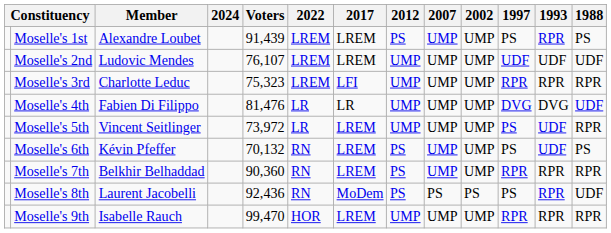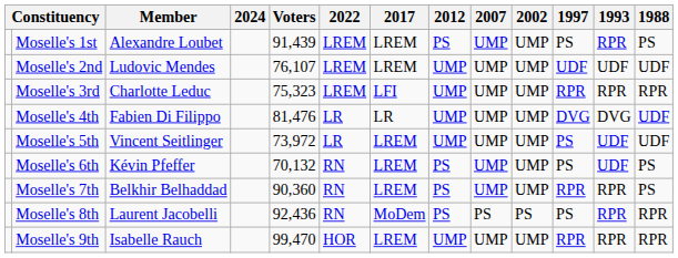 <table class="wikitable sortable">
 <tr>
 <th colspan="2">Constituency</th>
 <th>Member</th>
 <th>2024</th>
 <th>Voters</th>
 <th>2022</th>
 <th>2017</th>
 <th>2012</th>
 <th>2007</th>
 <th>2002</th>
 <th>1997</th>
 <th>1993</th>
 <th>1988</th>
 </tr>
 <tr>
 <td style="background-color: "></td>
 <td><a href='#'>Moselle's 1st</a></td>
 <td><a href='#'>Alexandre Loubet</a></td>
 <td></td>
 <td>91,439</td>
 <td><a href='#'>LREM</a></td>
 <td>LREM</td>
 <td><a href='#'>PS</a></td>
 <td><a href='#'>UMP</a></td>
 <td>UMP</td>
 <td>PS</td>
 <td><a href='#'>RPR</a></td>
 <td>PS</td>
 </tr>
 <tr>
 <td style="background-color: "></td>
 <td><a href='#'>Moselle's 2nd</a></td>
 <td><a href='#'>Ludovic Mendes</a></td>
 <td></td>
 <td>76,107</td>
 <td><a href='#'>LREM</a></td>
 <td>LREM</td>
 <td><a href='#'>UMP</a></td>
 <td>UMP</td>
 <td>UMP</td>
 <td><a href='#'>UDF</a></td>
 <td>UDF</td>
 <td>UDF</td>
 </tr>
 <tr>
 <td style="background-color: "></td>
 <td><a href='#'>Moselle's 3rd</a></td>
 <td><a href='#'>Charlotte Leduc</a></td>
 <td></td>
 <td>75,323</td>
 <td><a href='#'>LREM</a></td>
 <td><a href='#'>LFI</a></td>
 <td><a href='#'>UMP</a></td>
 <td>UMP</td>
 <td>UMP</td>
 <td><a href='#'>RPR</a></td>
 <td>RPR</td>
 <td>RPR</td>
 </tr>
 <tr>
 <td style="background-color: "></td>
 <td><a href='#'>Moselle's 4th</a></td>
 <td><a href='#'>Fabien Di Filippo</a></td>
 <td></td>
 <td>81,476</td>
 <td><a href='#'>LR</a></td>
 <td>LR</td>
 <td><a href='#'>UMP</a></td>
 <td>UMP</td>
 <td>UMP</td>
 <td><a href='#'>DVG</a></td>
 <td>DVG</td>
 <td><a href='#'>UDF</a></td>
 </tr>
 <tr>
 <td style="background-color: "></td>
 <td><a href='#'>Moselle's 5th</a></td>
 <td><a href='#'>Vincent Seitlinger</a></td>
 <td></td>
 <td>73,972</td>
 <td><a href='#'>LR</a></td>
 <td><a href='#'>LREM</a></td>
 <td><a href='#'>UMP</a></td>
 <td>UMP</td>
 <td>UMP</td>
 <td><a href='#'>PS</a></td>
 <td><a href='#'>UDF</a></td>
-<td>RPR</td>
+<td>UDF</td>
 </tr>
 <tr>
 <td style="background-color: "></td>
 <td><a href='#'>Moselle's 6th</a></td>
 <td><a href='#'>Kévin Pfeffer</a></td>
 <td></td>
 <td>70,132</td>
 <td><a href='#'>RN</a></td>
 <td><a href='#'>LREM</a></td>
 <td><a href='#'>PS</a></td>
 <td><a href='#'>UMP</a></td>
 <td>UMP</td>
 <td>PS</td>
 <td><a href='#'>UDF</a></td>
 <td>PS</td>
 </tr>
 <tr>
 <td style="background-color: "></td>
 <td><a href='#'>Moselle's 7th</a></td>
 <td><a href='#'>Belkhir Belhaddad</a></td>
 <td></td>
 <td>90,360</td>
 <td><a href='#'>RN</a></td>
 <td><a href='#'>LREM</a></td>
 <td><a href='#'>PS</a></td>
 <td><a href='#'>UMP</a></td>
 <td>UMP</td>
 <td><a href='#'>RPR</a></td>
 <td>RPR</td>
-<td>RPR</td>
+<td>PS</td>
 </tr>
 <tr>
 <td style="background-color: "></td>
 <td><a href='#'>Moselle's 8th</a></td>
 <td><a href='#'>Laurent Jacobelli</a></td>
 <td></td>
 <td>92,436</td>
 <td><a href='#'>RN</a></td>
 <td><a href='#'>MoDem</a></td>
 <td><a href='#'>PS</a></td>
 <td>PS</td>
 <td>PS</td>
 <td>PS</td>
 <td><a href='#'>RPR</a></td>
-<td>UDF</td>
+<td>RPR</td>
 </tr>
 <tr>
 <td style="background-color: "></td>
 <td><a href='#'>Moselle's 9th</a></td>
 <td><a href='#'>Isabelle Rauch</a></td>
 <td></td>
 <td>99,470</td>
 <td><a href='#'>HOR</a></td>
 <td><a href='#'>LREM</a></td>
 <td><a href='#'>UMP</a></td>
 <td>UMP</td>
 <td>UMP</td>
 <td><a href='#'>RPR</a></td>
 <td>RPR</td>
 <td>RPR</td>
 </tr>
 </table>
